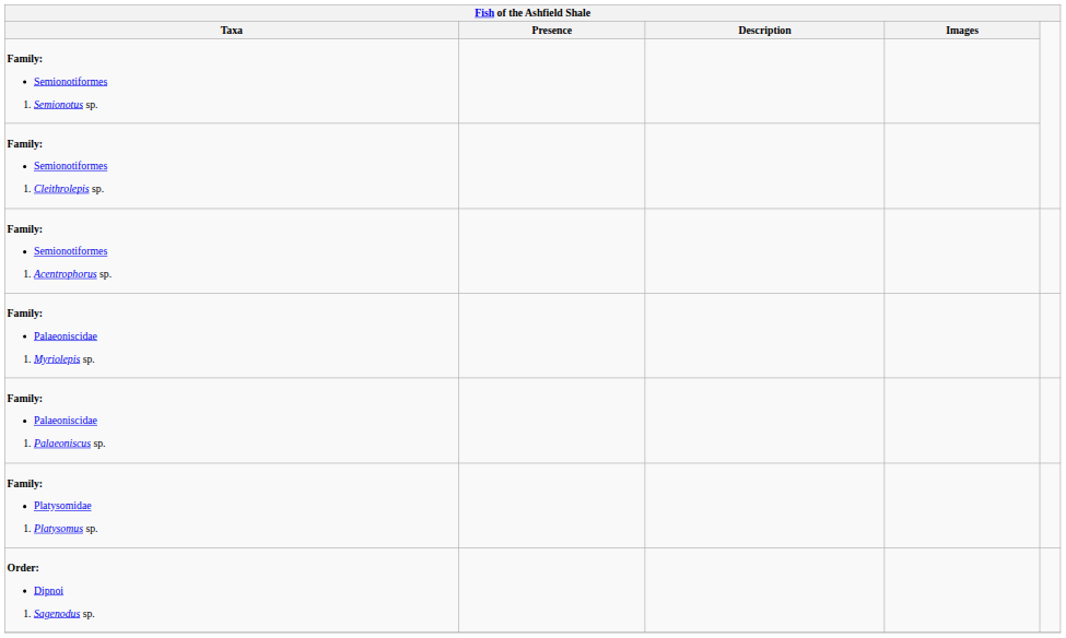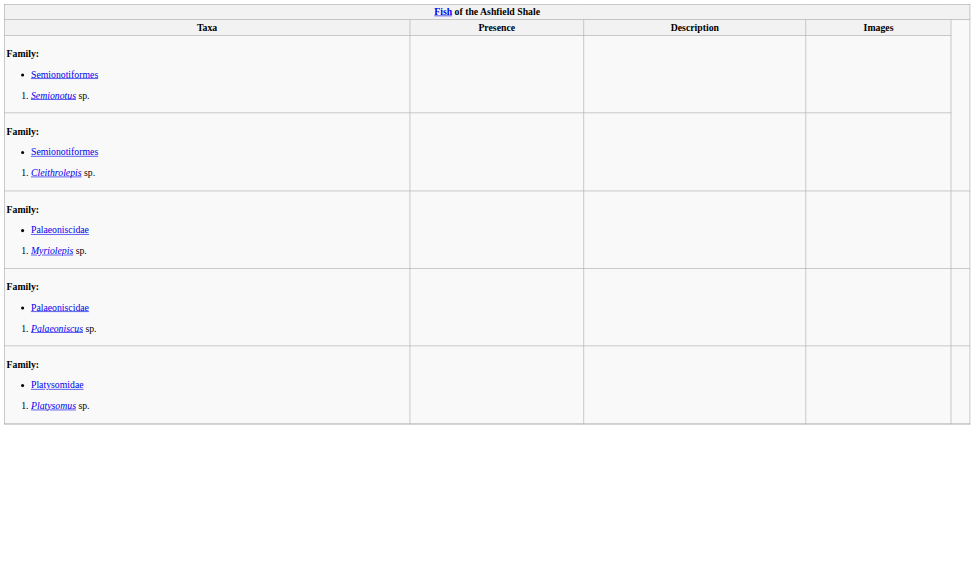 <table class="wikitable" align="center" width="100%">
 <tr>
 <th colspan="5" align="center"><strong><a href='#'>Fish</a> of the Ashfield Shale</strong></th>
 </tr>
 <tr>
 <th>Taxa</th>
 <th>Presence</th>
 <th>Description</th>
 <th>Images</th>
 </tr>
 <tr>
 <td><br><strong>Family:</strong><ul><li><a href='#'>Semionotiformes</a></li></ul><ol><li><em><a href='#'>Semionotus</a></em> sp.</li></ol></td>
 <td></td>
 <td></td>
 <td><br></td>
 </tr>
 <tr>
 <td><br><strong>Family:</strong><ul><li><a href='#'>Semionotiformes</a></li></ul><ol><li><em><a href='#'>Cleithrolepis</a></em> sp.</li></ol></td>
 <td></td>
 <td></td>
 <td><br></td>
 </tr>
 <tr>
-<td><br><strong>Family:</strong><ul><li><a href='#'>Semionotiformes</a></li></ul><ol><li><em><a href='#'>Acentrophorus</a></em> sp.</li></ol></td>
-<td></td>
-<td></td>
-<td></td>
-<td></td>
-</tr>
-<tr>
 <td><br><strong>Family:</strong><ul><li><a href='#'>Palaeoniscidae</a></li></ul><ol><li><em><a href='#'>Myriolepis</a></em> sp.</li></ol></td>
 <td></td>
 <td></td>
 <td></td>
 <td></td>
 </tr>
 <tr>
 <td><br><strong>Family:</strong><ul><li><a href='#'>Palaeoniscidae</a></li></ul><ol><li><em><a href='#'>Palaeoniscus</a></em> sp.</li></ol></td>
 <td></td>
 <td></td>
 <td></td>
 <td></td>
 </tr>
 <tr>
 <td><br><strong>Family:</strong><ul><li><a href='#'>Platysomidae</a></li></ul><ol><li><em><a href='#'>Platysomus</a></em> sp.</li></ol></td>
 <td></td>
 <td></td>
 <td></td>
 <td></td>
 </tr>
 <tr>
-<td><br><strong>Order:</strong><ul><li><a href='#'>Dipnoi</a></li></ul><ol><li><em><a href='#'>Sagenodus</a></em> sp.</li></ol></td>
-<td></td>
-<td></td>
-<td></td>
-<td></td>
-</tr>
-<tr>
 </tr>
 </table>
